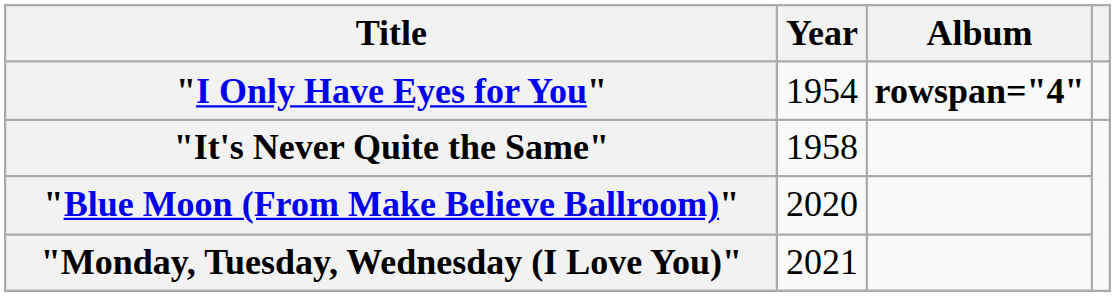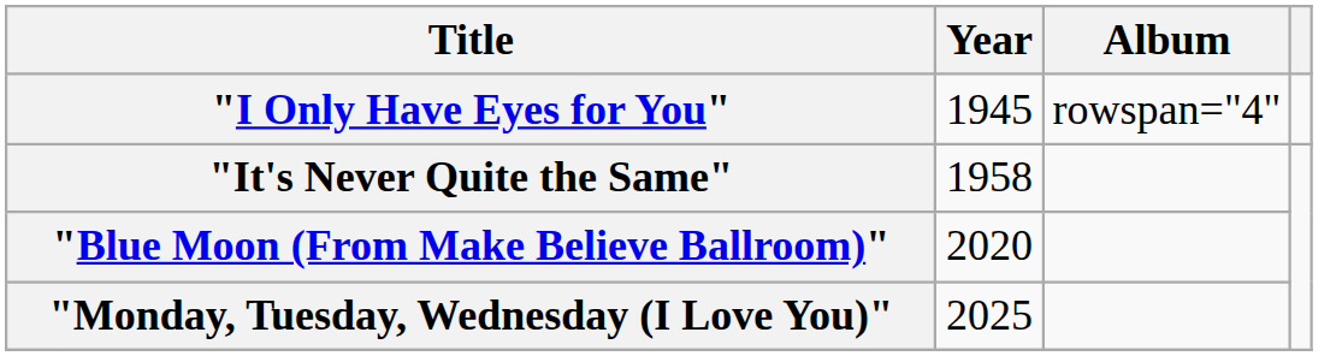 <table class="wikitable plainrowheaders" style="text-align:center;">
 <tr>
 <th style="width:21em;">Title</th>
 <th>Year</th>
 <th>Album</th>
 <th></th>
 </tr>
 <tr>
 <th scope="row">"<a href='#'>I Only Have Eyes for You</a>"</th>
-<td>1954</td>
-<td><strong>rowspan="4" </strong></td>
+<td>1945</td>
+<td>rowspan="4" </td>
 <td></td>
 </tr>
 <tr>
 <th scope="row">"It's Never Quite the Same"</th>
 <td>1958</td>
 <td></td>
 </tr>
 <tr>
 <th scope="row">"<a href='#'>Blue Moon (From Make Believe Ballroom)</a>"</th>
 <td>2020</td>
 <td></td>
 </tr>
 <tr>
 <th scope="row">"Monday, Tuesday, Wednesday (I Love You)"<br></th>
-<td>2021</td>
+<td>2025</td>
 <td></td>
 </tr>
 <tr>
 </tr>
 </table>
